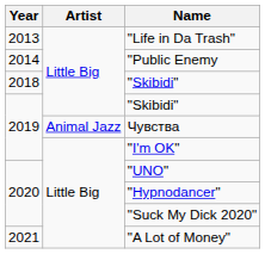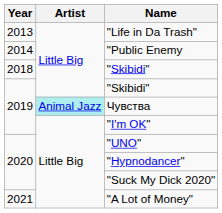 <table class="wikitable">
 <tr>
 <th>Year</th>
 <th>Artist</th>
 <th>Name</th>
 </tr>
 <tr>
 <td>2013</td>
 <td rowspan="4"><a href='#'>Little Big</a></td>
 <td>"Life in Da Trash"</td>
 </tr>
 <tr>
 <td>2014</td>
 <td>"Public Enemy</td>
 </tr>
 <tr>
 <td>2018</td>
 <td>"<a href='#'>Skibidi</a>"</td>
 </tr>
 <tr>
 <td rowspan="3">2019</td>
 <td>"Skibidi"<br></td>
 </tr>
 <tr>
-<td><a href='#'>Animal Jazz</a></td>
+<td style="background: paleturquoise;"><a href='#'>Animal Jazz</a></td>
 <td>Чувства</td>
 </tr>
 <tr>
 <td rowspan="5">Little Big</td>
 <td>"<a href='#'>I'm OK</a>"</td>
 </tr>
 <tr>
 <td rowspan="3">2020</td>
 <td>"<a href='#'>UNO</a>"</td>
 </tr>
 <tr>
 <td>"<a href='#'>Hypnodancer</a>"</td>
 </tr>
 <tr>
 <td>"Suck My Dick 2020"</td>
 </tr>
 <tr>
 <td>2021</td>
 <td>"A Lot of Money"</td>
 </tr>
 </table>
